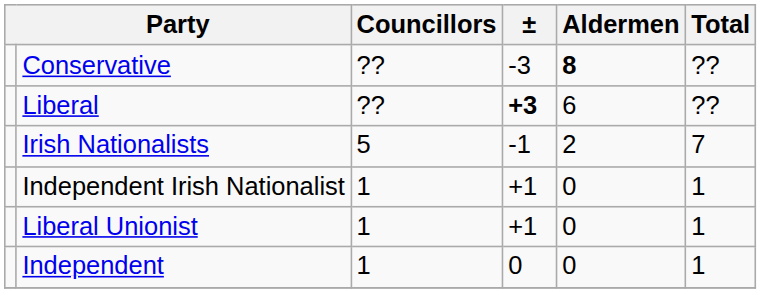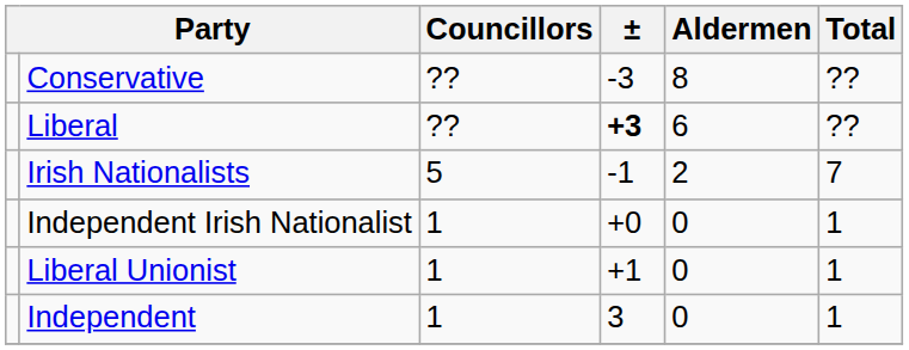 <table class="wikitable">
 <tr>
 <th colspan="2">Party</th>
 <th>Councillors</th>
 <th>  ±  </th>
 <th>Aldermen</th>
 <th>Total</th>
 </tr>
 <tr>
 <td style="background-color: "></td>
 <td><a href='#'>Conservative</a></td>
 <td>??</td>
 <td>-3</td>
-<td><strong>8</strong></td>
+<td>8</td>
 <td>??</td>
 </tr>
 <tr>
 <td style="background-color: "></td>
 <td><a href='#'>Liberal</a></td>
 <td>??</td>
 <td><strong>+3</strong></td>
 <td>6</td>
 <td>??</td>
 </tr>
 <tr>
 <td style="background-color: "></td>
 <td><a href='#'>Irish Nationalists</a></td>
 <td>5</td>
 <td>-1</td>
 <td>2</td>
 <td>7</td>
 </tr>
 <tr>
 <td style="background-color: "></td>
 <td>Independent Irish Nationalist</td>
 <td>1</td>
-<td>+1</td>
+<td>+0</td>
 <td>0</td>
 <td>1</td>
 </tr>
 <tr>
 <td style="background-color: "></td>
 <td><a href='#'>Liberal Unionist</a></td>
 <td>1</td>
 <td>+1</td>
 <td>0</td>
 <td>1</td>
 </tr>
 <tr>
 <td style="background-color: "></td>
 <td><a href='#'>Independent</a></td>
 <td>1</td>
-<td>0</td>
+<td>3</td>
 <td>0</td>
 <td>1</td>
 </tr>
 <tr>
 </tr>
 </table>
